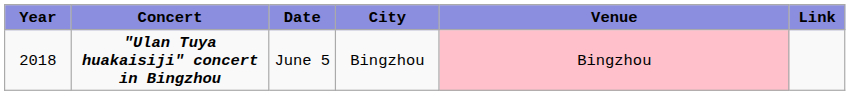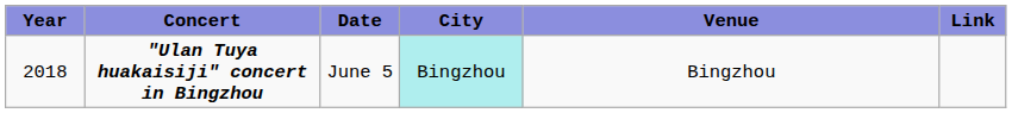 <table class="wikitable sortable mw-collapsible" width="80%" style="text-align:center">
 <tr align="center" style="background:#8B8EDE">
 <td style="width:2%"><strong>Year</strong></td>
 <td style="width:8%"><strong>Concert</strong></td>
 <td style="width:2%"><strong>Date</strong></td>
 <td style="width:2%"><strong>City</strong></td>
 <td style="width:18%"><strong>Venue</strong></td>
 <td style="width:1%"><strong>Link</strong></td>
 </tr>
 <tr>
 <td rowspan="2">2018</td>
 <td rowspan="2"><strong><em>"Ulan Tuya huakaisiji" concert in Bingzhou</em></strong></td>
 <td>June 5</td>
+<td style="background: paleturquoise;">Bingzhou</td>
 <td>Bingzhou</td>
-<td style="background: pink;">Bingzhou</td>
 <td></td>
 </tr>
 </table>
